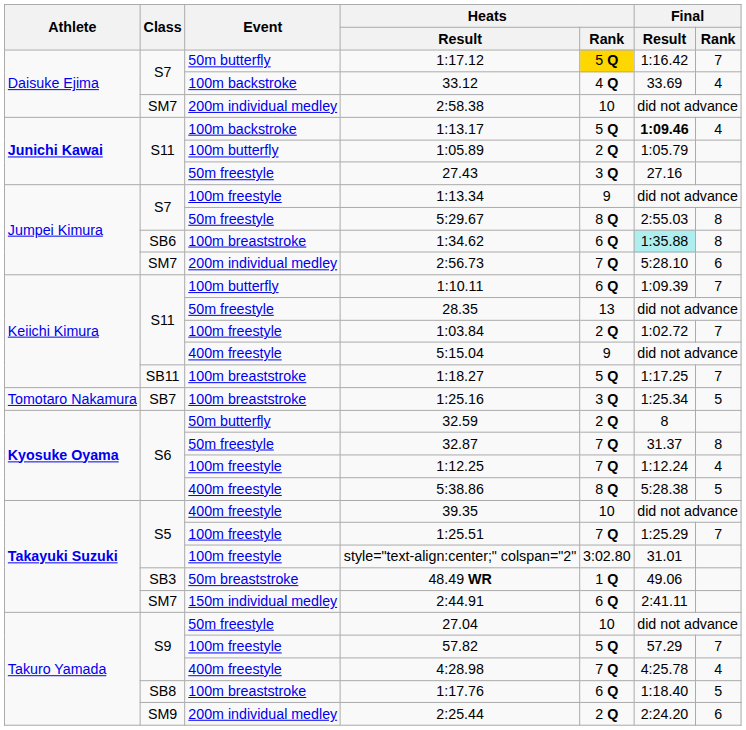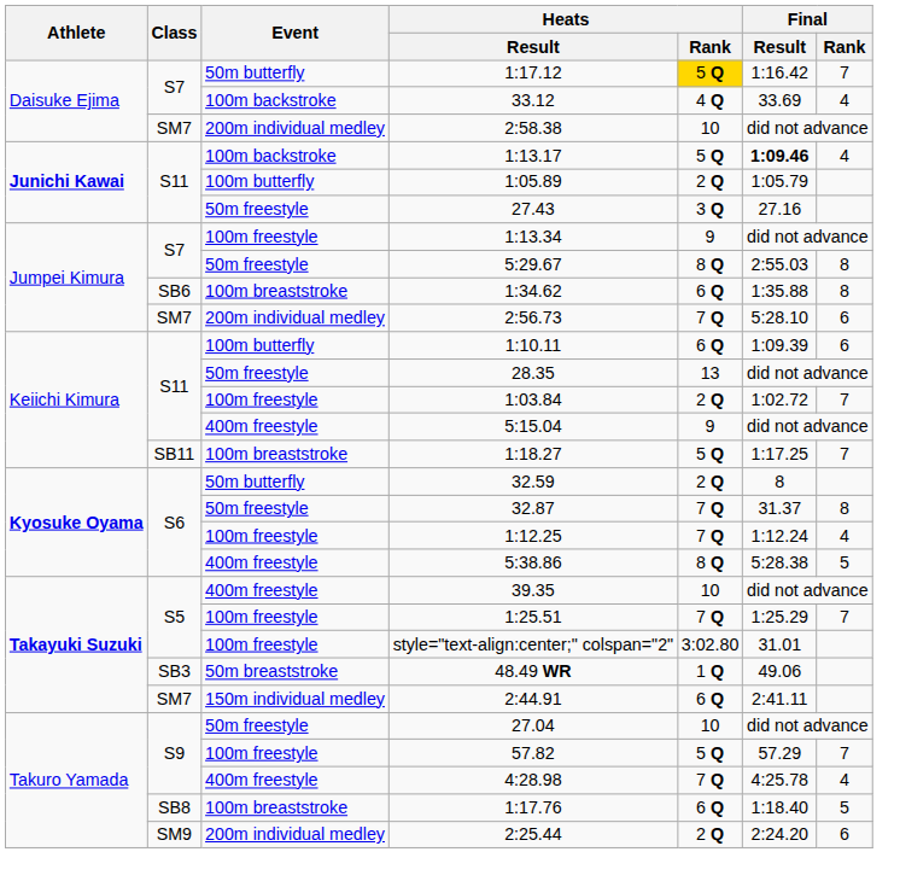 <table class=wikitable style="font-size:90%">
 <tr>
 <th rowspan="2">Athlete</th>
 <th rowspan="2">Class</th>
 <th rowspan="2">Event</th>
 <th colspan="2">Heats</th>
 <th colspan="2">Final</th>
 </tr>
 <tr>
 <th>Result</th>
 <th>Rank</th>
 <th>Result</th>
 <th>Rank</th>
 </tr>
 <tr>
 <td rowspan="3"><a href='#'>Daisuke Ejima</a></td>
 <td rowspan="2" style="text-align:center;">S7</td>
 <td><a href='#'>50m butterfly</a></td>
 <td style="text-align:center;">1:17.12</td>
 <td style="background: gold; text-align:center;">5 <strong>Q</strong></td>
 <td style="text-align:center;">1:16.42</td>
 <td style="text-align:center;">7</td>
 </tr>
 <tr>
 <td><a href='#'>100m backstroke</a></td>
 <td style="text-align:center;">33.12</td>
 <td style="text-align:center;">4 <strong>Q</strong></td>
 <td style="text-align:center;">33.69</td>
 <td style="text-align:center;">4</td>
 </tr>
 <tr>
 <td style="text-align:center;">SM7</td>
 <td><a href='#'>200m individual medley</a></td>
 <td style="text-align:center;">2:58.38</td>
 <td style="text-align:center;">10</td>
 <td style="text-align:center;" colspan="2">did not advance</td>
 </tr>
 <tr>
 <td rowspan="3"><strong><a href='#'>Junichi Kawai</a></strong></td>
 <td rowspan="3" style="text-align:center;">S11</td>
 <td><a href='#'>100m backstroke</a></td>
 <td style="text-align:center;">1:13.17</td>
 <td style="text-align:center;">5 <strong>Q</strong></td>
 <td style="text-align:center;"><strong>1:09.46</strong></td>
 <td style="text-align:center;">4</td>
 </tr>
 <tr>
 <td><a href='#'>100m butterfly</a></td>
 <td style="text-align:center;">1:05.89</td>
 <td style="text-align:center;">2 <strong>Q</strong></td>
 <td style="text-align:center;">1:05.79</td>
 <td style="text-align:center;"></td>
 </tr>
 <tr>
 <td><a href='#'>50m freestyle</a></td>
 <td style="text-align:center;">27.43</td>
 <td style="text-align:center;">3 <strong>Q</strong></td>
 <td style="text-align:center;">27.16</td>
 <td style="text-align:center;"></td>
 </tr>
 <tr>
 <td rowspan="4"><a href='#'>Jumpei Kimura</a></td>
 <td rowspan="2" style="text-align:center;">S7</td>
 <td><a href='#'>100m freestyle</a></td>
 <td style="text-align:center;">1:13.34</td>
 <td style="text-align:center;">9</td>
 <td style="text-align:center;" colspan="2">did not advance</td>
 </tr>
 <tr>
 <td><a href='#'>50m freestyle</a></td>
 <td style="text-align:center;">5:29.67</td>
 <td style="text-align:center;">8 <strong>Q</strong></td>
 <td style="text-align:center;">2:55.03</td>
 <td style="text-align:center;">8</td>
 </tr>
 <tr>
 <td style="text-align:center;">SB6</td>
 <td><a href='#'>100m breaststroke</a></td>
 <td style="text-align:center;">1:34.62</td>
 <td style="text-align:center;">6 <strong>Q</strong></td>
-<td style="background: paleturquoise; text-align:center;">1:35.88</td>
+<td style="text-align:center;">1:35.88</td>
 <td style="text-align:center;">8</td>
 </tr>
 <tr>
 <td style="text-align:center;">SM7</td>
 <td><a href='#'>200m individual medley</a></td>
 <td style="text-align:center;">2:56.73</td>
 <td style="text-align:center;">7 <strong>Q</strong></td>
 <td style="text-align:center;">5:28.10</td>
 <td style="text-align:center;">6</td>
 </tr>
 <tr>
 <td rowspan="5"><a href='#'>Keiichi Kimura</a></td>
 <td rowspan="4" style="text-align:center;">S11</td>
 <td><a href='#'>100m butterfly</a></td>
 <td style="text-align:center;">1:10.11</td>
 <td style="text-align:center;">6 <strong>Q</strong></td>
 <td style="text-align:center;">1:09.39</td>
-<td style="text-align:center;">7</td>
+<td style="text-align:center;">6</td>
 </tr>
 <tr>
 <td><a href='#'>50m freestyle</a></td>
 <td style="text-align:center;">28.35</td>
 <td style="text-align:center;">13</td>
 <td style="text-align:center;" colspan="2">did not advance</td>
 </tr>
 <tr>
 <td><a href='#'>100m freestyle</a></td>
 <td style="text-align:center;">1:03.84</td>
 <td style="text-align:center;">2 <strong>Q</strong></td>
 <td style="text-align:center;">1:02.72</td>
 <td style="text-align:center;">7</td>
 </tr>
 <tr>
 <td><a href='#'>400m freestyle</a></td>
 <td style="text-align:center;">5:15.04</td>
 <td style="text-align:center;">9</td>
 <td style="text-align:center;" colspan="2">did not advance</td>
 </tr>
 <tr>
 <td style="text-align:center;">SB11</td>
 <td><a href='#'>100m breaststroke</a></td>
 <td style="text-align:center;">1:18.27</td>
 <td style="text-align:center;">5 <strong>Q</strong></td>
 <td style="text-align:center;">1:17.25</td>
 <td style="text-align:center;">7</td>
-</tr>
-<tr>
-<td><a href='#'>Tomotaro Nakamura</a></td>
-<td style="text-align:center;">SB7</td>
-<td><a href='#'>100m breaststroke</a></td>
-<td style="text-align:center;">1:25.16</td>
-<td style="text-align:center;">3 <strong>Q</strong></td>
-<td style="text-align:center;">1:25.34</td>
-<td style="text-align:center;">5</td>
 </tr>
 <tr>
 <td rowspan="4"><strong><a href='#'>Kyosuke Oyama</a></strong></td>
 <td rowspan="4" style="text-align:center;">S6</td>
 <td><a href='#'>50m butterfly</a></td>
 <td style="text-align:center;">32.59</td>
 <td style="text-align:center;">2 <strong>Q</strong></td>
 <td style="text-align:center;">8</td>
 <td style="text-align:center;"></td>
 </tr>
 <tr>
 <td><a href='#'>50m freestyle</a></td>
 <td style="text-align:center;">32.87</td>
 <td style="text-align:center;">7 <strong>Q</strong></td>
 <td style="text-align:center;">31.37</td>
 <td style="text-align:center;">8</td>
 </tr>
 <tr>
 <td><a href='#'>100m freestyle</a></td>
 <td style="text-align:center;">1:12.25</td>
 <td style="text-align:center;">7 <strong>Q</strong></td>
 <td style="text-align:center;">1:12.24</td>
 <td style="text-align:center;">4</td>
 </tr>
 <tr>
 <td><a href='#'>400m freestyle</a></td>
 <td style="text-align:center;">5:38.86</td>
 <td style="text-align:center;">8 <strong>Q</strong></td>
 <td style="text-align:center;">5:28.38</td>
 <td style="text-align:center;">5</td>
 </tr>
 <tr>
 <td rowspan="5"><strong><a href='#'>Takayuki Suzuki</a></strong></td>
 <td rowspan="3" style="text-align:center;">S5</td>
 <td><a href='#'>400m freestyle</a></td>
 <td style="text-align:center;">39.35</td>
 <td style="text-align:center;">10</td>
 <td style="text-align:center;" colspan="2">did not advance</td>
 </tr>
 <tr>
 <td><a href='#'>100m freestyle</a></td>
 <td style="text-align:center;">1:25.51</td>
 <td style="text-align:center;">7 <strong>Q</strong></td>
 <td style="text-align:center;">1:25.29</td>
 <td style="text-align:center;">7</td>
 </tr>
 <tr>
 <td><a href='#'>100m freestyle</a></td>
 <td>style="text-align:center;" colspan="2" </td>
 <td style="text-align:center;">3:02.80</td>
 <td style="text-align:center;">31.01</td>
 </tr>
 <tr>
 <td style="text-align:center;">SB3</td>
 <td><a href='#'>50m breaststroke</a></td>
 <td style="text-align:center;">48.49 <strong>WR</strong></td>
 <td style="text-align:center;">1 <strong>Q</strong></td>
 <td style="text-align:center;">49.06</td>
 <td style="text-align:center;"></td>
 </tr>
 <tr>
 <td style="text-align:center;">SM7</td>
 <td><a href='#'>150m individual medley</a></td>
 <td style="text-align:center;">2:44.91</td>
 <td style="text-align:center;">6 <strong>Q</strong></td>
 <td style="text-align:center;">2:41.11</td>
 <td style="text-align:center;"></td>
 </tr>
 <tr>
 <td rowspan="5"><a href='#'>Takuro Yamada</a></td>
 <td rowspan="3" style="text-align:center;">S9</td>
 <td><a href='#'>50m freestyle</a></td>
 <td style="text-align:center;">27.04</td>
 <td style="text-align:center;">10</td>
 <td style="text-align:center;" colspan="2">did not advance</td>
 </tr>
 <tr>
 <td><a href='#'>100m freestyle</a></td>
 <td style="text-align:center;">57.82</td>
 <td style="text-align:center;">5 <strong>Q</strong></td>
 <td style="text-align:center;">57.29</td>
 <td style="text-align:center;">7</td>
 </tr>
 <tr>
 <td><a href='#'>400m freestyle</a></td>
 <td style="text-align:center;">4:28.98</td>
 <td style="text-align:center;">7 <strong>Q</strong></td>
 <td style="text-align:center;">4:25.78</td>
 <td style="text-align:center;">4</td>
 </tr>
 <tr>
 <td style="text-align:center;">SB8</td>
 <td><a href='#'>100m breaststroke</a></td>
 <td style="text-align:center;">1:17.76</td>
 <td style="text-align:center;">6 <strong>Q</strong></td>
 <td style="text-align:center;">1:18.40</td>
 <td style="text-align:center;">5</td>
 </tr>
 <tr>
 <td style="text-align:center;">SM9</td>
 <td><a href='#'>200m individual medley</a></td>
 <td style="text-align:center;">2:25.44</td>
 <td style="text-align:center;">2 <strong>Q</strong></td>
 <td style="text-align:center;">2:24.20</td>
 <td style="text-align:center;">6</td>
 </tr>
 </table>
